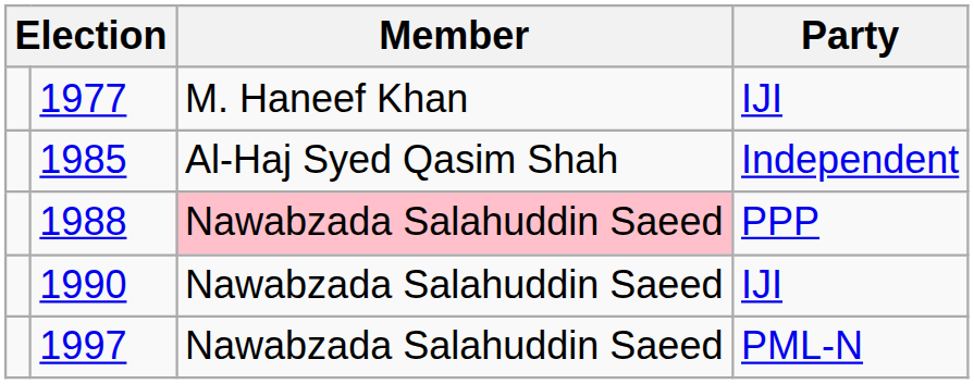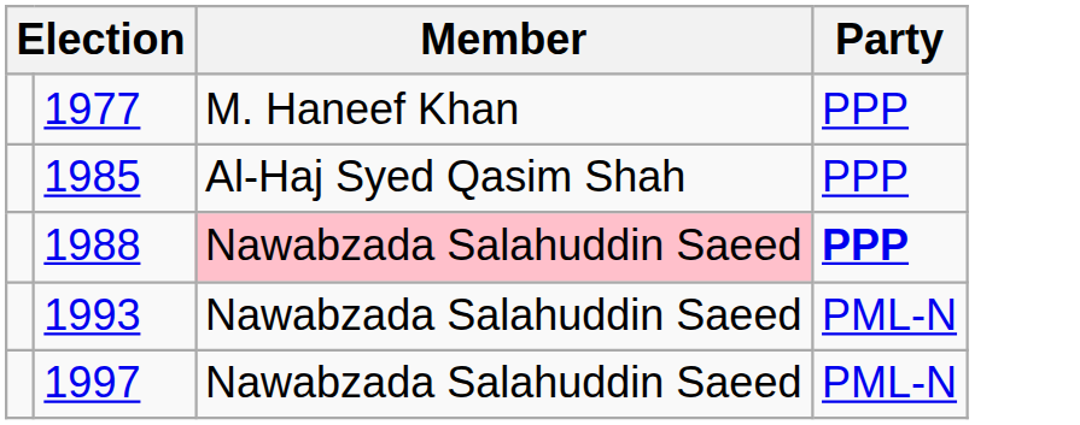 <table class="wikitable">
 <tr>
 <th colspan="2">Election</th>
 <th>Member</th>
 <th>Party</th>
 </tr>
 <tr>
 <td style="background-color: "></td>
 <td><a href='#'>1977</a></td>
 <td>M. Haneef Khan</td>
-<td><a href='#'>IJI</a></td>
+<td><a href='#'>PPP</a></td>
 </tr>
 <tr>
 <td style="background-color: "></td>
 <td><a href='#'>1985</a></td>
 <td>Al-Haj Syed Qasim Shah</td>
-<td><a href='#'>Independent</a></td>
+<td><a href='#'>PPP</a></td>
 </tr>
 <tr>
 <td style="background-color: "></td>
 <td><a href='#'>1988</a></td>
 <td style="background: pink;">Nawabzada Salahuddin Saeed</td>
-<td><a href='#'>PPP</a></td>
+<td><strong><a href='#'>PPP</a></strong></td>
 </tr>
 <tr>
 <td style="background-color: "></td>
-<td><a href='#'>1990</a></td>
+<td><a href='#'>1993</a></td>
 <td>Nawabzada Salahuddin Saeed</td>
-<td><a href='#'>IJI</a></td>
+<td><a href='#'>PML-N</a></td>
 </tr>
 <tr>
 <td style="background-color: "></td>
 <td><a href='#'>1997</a></td>
 <td>Nawabzada Salahuddin Saeed</td>
 <td><a href='#'>PML-N</a></td>
 </tr>
 </table>
